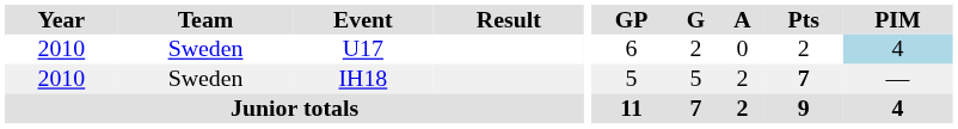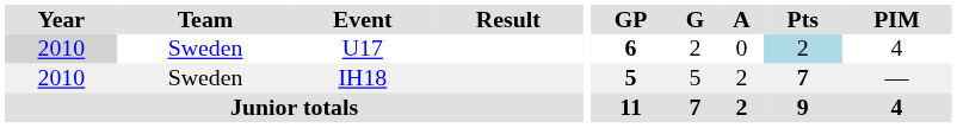 <table border="0" cellpadding="1" cellspacing="0" ID="Table3" style="text-align:center; width:40em">
 <tr ALIGN="center" bgcolor="#e0e0e0">
 <th>Year</th>
 <th>Team</th>
 <th>Event</th>
 <th>Result</th>
 <th rowspan="99" bgcolor="#ffffff"></th>
 <th>GP</th>
 <th>G</th>
 <th>A</th>
 <th>Pts</th>
 <th>PIM</th>
 </tr>
 <tr>
-<td><a href='#'>2010</a></td>
+<td style="background: lightgrey;"><a href='#'>2010</a></td>
 <td><a href='#'>Sweden</a></td>
 <td><a href='#'>U17</a></td>
 <td></td>
-<td>6</td>
+<td><strong>6</strong></td>
 <td>2</td>
 <td>0</td>
-<td>2</td>
-<td style="background: lightblue;">4</td>
+<td style="background: lightblue;">2</td>
+<td>4</td>
 </tr>
 <tr bgcolor="#f0f0f0">
 <td><a href='#'>2010</a></td>
 <td>Sweden</td>
 <td><a href='#'>IH18</a></td>
 <td></td>
-<td>5</td>
+<td><strong>5</strong></td>
 <td>5</td>
 <td>2</td>
 <td><strong>7</strong></td>
 <td>—</td>
 </tr>
 <tr bgcolor="#e0e0e0">
 <th colspan="4">Junior totals</th>
 <th>11</th>
 <th>7</th>
 <th>2</th>
 <th>9</th>
 <th>4</th>
 </tr>
 </table>
